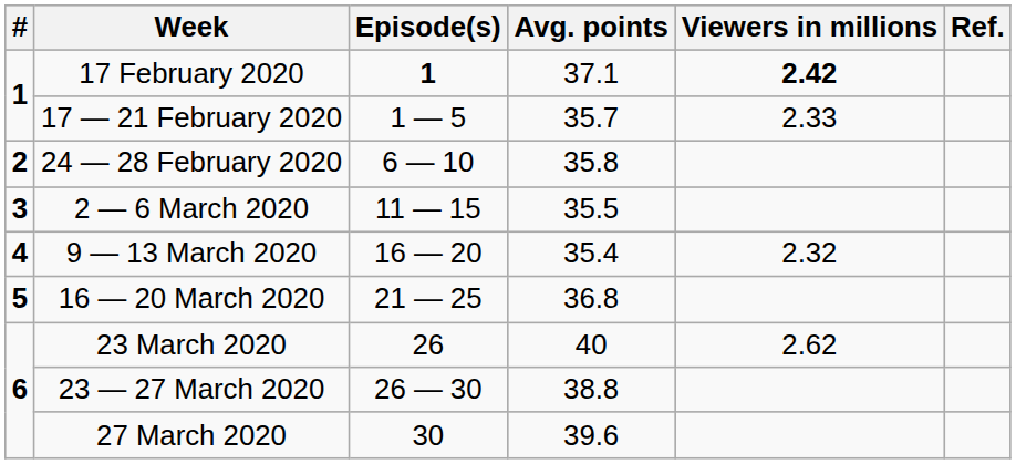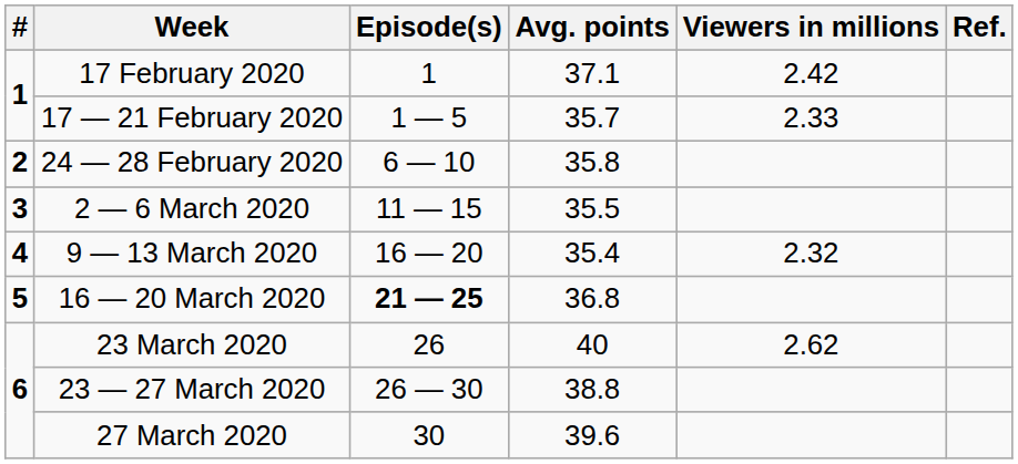 <table class="wikitable" style="text-align:center;">
 <tr>
 <th>#</th>
 <th>Week</th>
 <th>Episode(s)</th>
 <th>Avg. points</th>
 <th>Viewers in millions</th>
 <th>Ref.</th>
 </tr>
 <tr>
 <td rowspan="2"><strong>1</strong></td>
 <td>17 February 2020</td>
-<td><strong>1</strong></td>
+<td>1</td>
 <td>37.1</td>
-<td><strong>2.42</strong></td>
+<td>2.42</td>
 <td></td>
 </tr>
 <tr>
 <td>17 — 21 February 2020</td>
 <td>1 — 5</td>
 <td>35.7</td>
 <td>2.33</td>
 <td></td>
 </tr>
 <tr>
 <td><strong>2</strong></td>
 <td>24 — 28 February  2020</td>
 <td>6 — 10</td>
 <td>35.8</td>
 <td></td>
 <td></td>
 </tr>
 <tr>
 <td><strong>3</strong></td>
 <td>2 — 6 March  2020</td>
 <td>11 — 15</td>
 <td>35.5</td>
 <td></td>
 <td></td>
 </tr>
 <tr>
 <td><strong>4</strong></td>
 <td>9 — 13 March  2020</td>
 <td>16 — 20</td>
 <td>35.4</td>
 <td>2.32</td>
 <td></td>
 </tr>
 <tr>
 <td><strong>5</strong></td>
 <td>16 — 20 March  2020</td>
-<td>21 — 25</td>
+<td><strong>21 — 25</strong></td>
 <td>36.8</td>
 <td></td>
 <td></td>
 </tr>
 <tr>
 <td rowspan="3"><strong>6</strong></td>
 <td>23 March 2020</td>
 <td>26</td>
 <td>40</td>
 <td>2.62</td>
 <td></td>
 </tr>
 <tr>
 <td>23 — 27 March  2020</td>
 <td>26 — 30</td>
 <td>38.8</td>
 <td></td>
 <td></td>
 </tr>
 <tr>
 <td>27 March  2020</td>
 <td>30</td>
 <td>39.6</td>
 <td></td>
 <td></td>
 </tr>
 </table>
